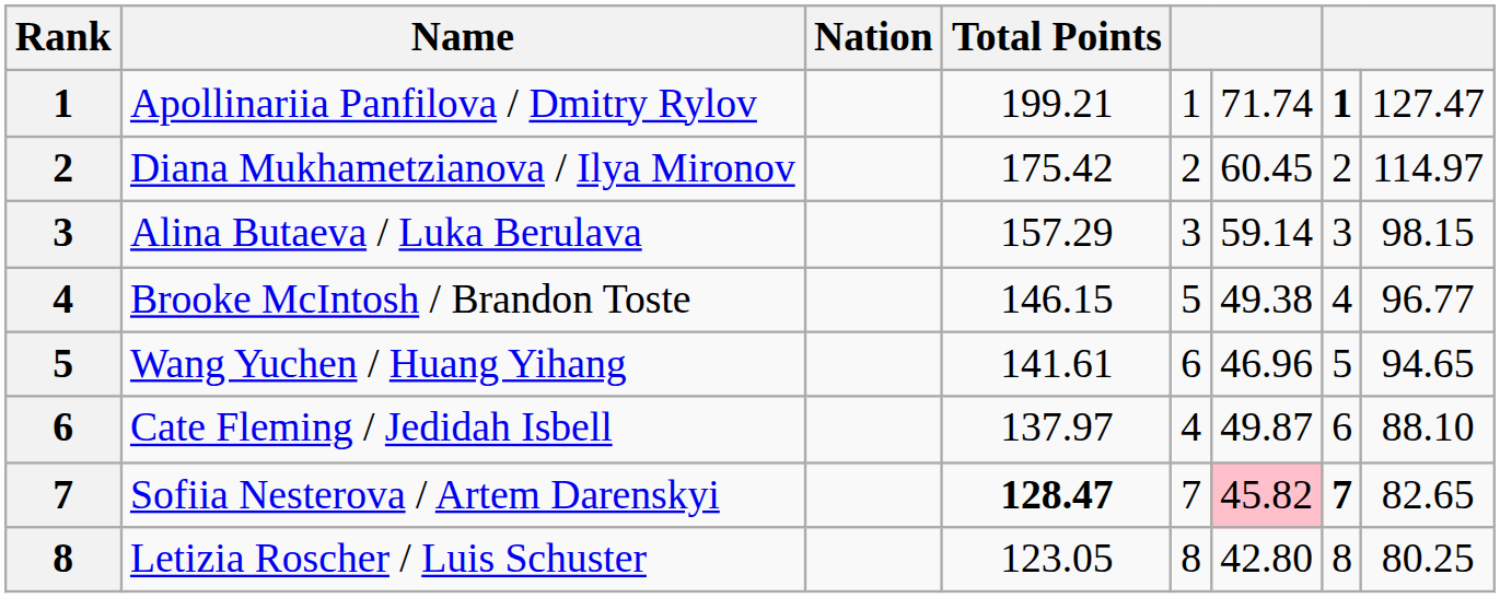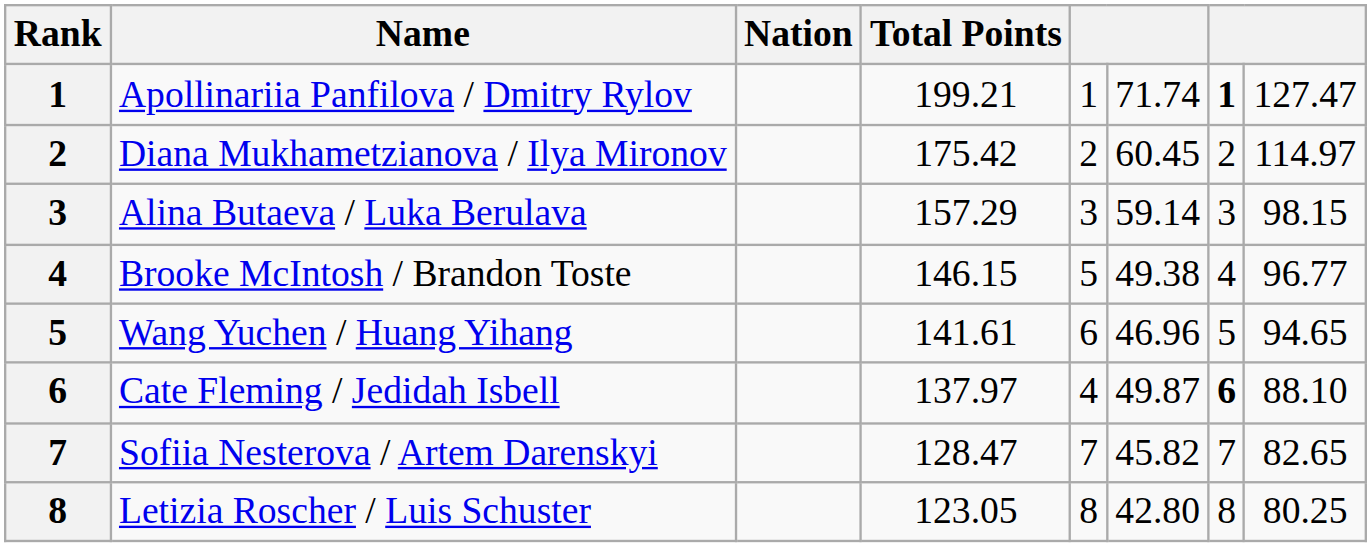 <table class="wikitable sortable" style="text-align:center">
 <tr>
 <th>Rank</th>
 <th>Name</th>
 <th>Nation</th>
 <th>Total Points</th>
 <th colspan=2></th>
 <th colspan=2></th>
 </tr>
 <tr>
 <th>1</th>
 <td align=left><a href='#'>Apollinariia Panfilova</a> / <a href='#'>Dmitry Rylov</a></td>
 <td align=left></td>
 <td>199.21</td>
 <td>1</td>
 <td>71.74</td>
 <td><strong>1</strong></td>
 <td>127.47</td>
 </tr>
 <tr>
 <th>2</th>
 <td align=left><a href='#'>Diana Mukhametzianova</a> / <a href='#'>Ilya Mironov</a></td>
 <td align=left></td>
 <td>175.42</td>
 <td>2</td>
 <td>60.45</td>
 <td>2</td>
 <td>114.97</td>
 </tr>
 <tr>
 <th>3</th>
 <td align=left><a href='#'>Alina Butaeva</a> / <a href='#'>Luka Berulava</a></td>
 <td align=left></td>
 <td>157.29</td>
 <td>3</td>
 <td>59.14</td>
 <td>3</td>
 <td>98.15</td>
 </tr>
 <tr>
 <th>4</th>
 <td align=left><a href='#'>Brooke McIntosh</a> / Brandon Toste</td>
 <td align="left"></td>
 <td>146.15</td>
 <td>5</td>
 <td>49.38</td>
 <td>4</td>
 <td>96.77</td>
 </tr>
 <tr>
 <th>5</th>
 <td align=left><a href='#'>Wang Yuchen</a> / <a href='#'>Huang Yihang</a></td>
 <td align=left></td>
 <td>141.61</td>
 <td>6</td>
 <td>46.96</td>
 <td>5</td>
 <td>94.65</td>
 </tr>
 <tr>
 <th>6</th>
 <td align=left><a href='#'>Cate Fleming</a> / <a href='#'>Jedidah Isbell</a></td>
 <td align=left></td>
 <td>137.97</td>
 <td>4</td>
 <td>49.87</td>
-<td>6</td>
+<td><strong>6</strong></td>
 <td>88.10</td>
 </tr>
 <tr>
 <th>7</th>
 <td align=left><a href='#'>Sofiia Nesterova</a> / <a href='#'>Artem Darenskyi</a></td>
 <td align=left></td>
-<td><strong>128.47</strong></td>
+<td>128.47</td>
 <td>7</td>
-<td style="background: pink;">45.82</td>
-<td><strong>7</strong></td>
+<td>45.82</td>
+<td>7</td>
 <td>82.65</td>
 </tr>
 <tr>
 <th>8</th>
 <td align=left><a href='#'>Letizia Roscher</a> / <a href='#'>Luis Schuster</a></td>
 <td align=left></td>
 <td>123.05</td>
 <td>8</td>
 <td>42.80</td>
 <td>8</td>
 <td>80.25</td>
 </tr>
 </table>
